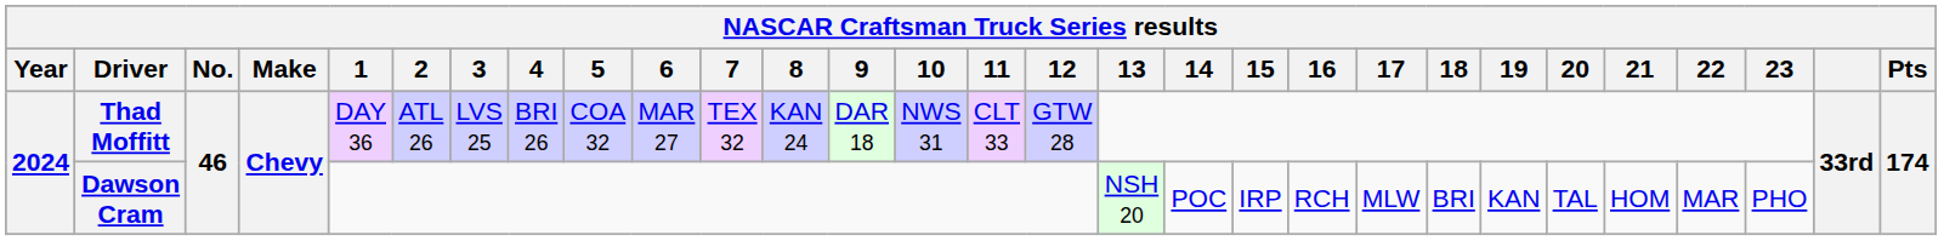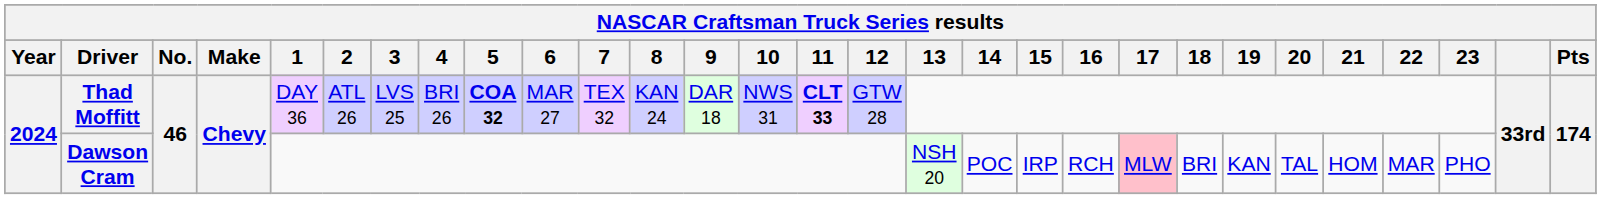 <table class="wikitable" style="text-align:center; font-size:75%">
 <tr>
 <th colspan=30><a href='#'>NASCAR Craftsman Truck Series</a> results</th>
 </tr>
 <tr>
 <th>Year</th>
 <th>Driver</th>
 <th>No.</th>
 <th>Make</th>
 <th>1</th>
 <th>2</th>
 <th>3</th>
 <th>4</th>
 <th>5</th>
 <th>6</th>
 <th>7</th>
 <th>8</th>
 <th>9</th>
 <th>10</th>
 <th>11</th>
 <th>12</th>
 <th>13</th>
 <th>14</th>
 <th>15</th>
 <th>16</th>
 <th>17</th>
 <th>18</th>
 <th>19</th>
 <th>20</th>
 <th>21</th>
 <th>22</th>
 <th>23</th>
 <th></th>
 <th>Pts</th>
 </tr>
 <tr>
 <th rowspan=2><a href='#'>2024</a></th>
 <th><a href='#'>Thad Moffitt</a></th>
 <th rowspan=2>46</th>
 <th rowspan=2><a href='#'>Chevy</a></th>
 <td style="background:#EFCFFF;"><a href='#'>DAY</a><br><small>36</small></td>
 <td style="background:#CFCFFF;"><a href='#'>ATL</a><br><small>26</small></td>
 <td style="background:#CFCFFF;"><a href='#'>LVS</a><br><small>25</small></td>
 <td style="background:#CFCFFF;"><a href='#'>BRI</a><br><small>26</small></td>
-<td style="background:#CFCFFF;"><a href='#'>COA</a><br><small>32</small></td>
+<td style="background:#CFCFFF;"><strong><a href='#'>COA</a><br><small>32</small></strong></td>
 <td style="background:#CFCFFF;"><a href='#'>MAR</a><br><small>27</small></td>
 <td style="background:#EFCFFF;"><a href='#'>TEX</a><br><small>32</small></td>
 <td style="background:#CFCFFF;"><a href='#'>KAN</a><br><small>24</small></td>
 <td style="background:#DFFFDF;"><a href='#'>DAR</a><br><small>18</small></td>
 <td style="background:#CFCFFF;"><a href='#'>NWS</a><br><small>31</small></td>
-<td style="background:#EFCFFF;"><a href='#'>CLT</a><br><small>33</small></td>
+<td style="background:#EFCFFF;"><strong><a href='#'>CLT</a><br><small>33</small></strong></td>
 <td style="background:#CFCFFF;"><a href='#'>GTW</a><br><small>28</small></td>
 <td colspan=11></td>
 <th rowspan=2>33rd</th>
 <th rowspan=2>174</th>
 </tr>
 <tr>
 <th><a href='#'>Dawson Cram</a></th>
 <td colspan=12></td>
 <td style="background:#DFFFDF;"><a href='#'>NSH</a><br><small>20</small></td>
 <td><a href='#'>POC</a></td>
 <td><a href='#'>IRP</a></td>
 <td><a href='#'>RCH</a></td>
-<td><a href='#'>MLW</a></td>
+<td style="background: pink;"><a href='#'>MLW</a></td>
 <td><a href='#'>BRI</a></td>
 <td><a href='#'>KAN</a></td>
 <td><a href='#'>TAL</a></td>
 <td><a href='#'>HOM</a></td>
 <td><a href='#'>MAR</a></td>
 <td><a href='#'>PHO</a></td>
 </tr>
 </table>
